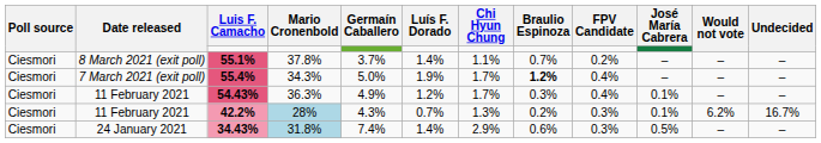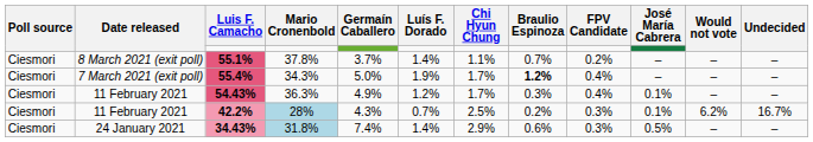 <table class="wikitable" style="text-align:center;font-size:90%;line-height:14px;">
 <tr>
 <th rowspan="2">Poll source</th>
 <th rowspan="2">Date released</th>
 <th style="width:60px"><a href='#'>Luis F.<br>Camacho</a></th>
 <th style="width:60px">Mario Cronenbold</th>
 <th style="width:60px">Germaín Caballero</th>
 <th style="width:60px">Luís F. Dorado</th>
 <th style="width:60px"><a href='#'>Chi Hyun<br>Chung</a></th>
 <th style="width:60px">Braulio Espinoza</th>
 <th style="width:60px">FPV Candidate</th>
 <th style="width:60px">José María Cabrera</th>
 <th rowspan="2" style="width:60px">Would not vote</th>
 <th rowspan="2" style="width:60px">Undecided</th>
 </tr>
 <tr>
 <td style="background:"></td>
 <td style="background:"></td>
 <td style="background:#68AE31"></td>
 <td style="background:"></td>
 <td style="background:"></td>
 <td style="background:"></td>
 <td style="background:"></td>
 <td style="background:#147C41"></td>
 </tr>
 <tr>
 <td style="text-align:left;">Ciesmori</td>
 <td><em>8 March 2021 (exit poll)</em></td>
 <td style="background:#E5577D"><strong>55.1%</strong></td>
 <td>37.8%</td>
 <td>3.7%</td>
 <td>1.4%</td>
 <td>1.1%</td>
 <td>0.7%</td>
 <td>0.2%</td>
 <td>–</td>
 <td>–</td>
 <td>–</td>
 </tr>
 <tr>
 <td style="text-align:left;">Ciesmori</td>
 <td><em>7 March 2021 (exit poll)</em></td>
 <td style="background:#E5577D"><strong>55.4%</strong></td>
 <td>34.3%</td>
 <td>5.0%</td>
 <td>1.9%</td>
 <td>1.7%</td>
 <td><strong>1.2%</strong></td>
 <td>0.4%</td>
 <td>–</td>
 <td>–</td>
 <td>–</td>
 </tr>
 <tr>
 <td style="text-align:left;">Ciesmori</td>
 <td>11 February 2021</td>
 <td style="background:#E5577D"><strong>54.43%</strong></td>
 <td>36.3%</td>
 <td>4.9%</td>
 <td>1.2%</td>
 <td>1.7%</td>
 <td>0.3%</td>
 <td>0.4%</td>
 <td>0.1%</td>
 <td>–</td>
 <td>–</td>
 </tr>
 <tr>
 <td style="text-align:left;">Ciesmori</td>
 <td>11 February 2021</td>
 <td style="background:#f49ab2"><strong>42.2%</strong></td>
 <td style="background:lightblue">28%</td>
 <td>4.3%</td>
 <td>0.7%</td>
-<td>1.3%</td>
+<td>2.5%</td>
 <td>0.2%</td>
 <td>0.3%</td>
 <td>0.1%</td>
 <td>6.2%</td>
 <td>16.7%</td>
 </tr>
 <tr>
 <td style="text-align:left;">Ciesmori</td>
 <td>24 January 2021</td>
 <td style="background:#f49ab2"><strong>34.43%</strong></td>
 <td style="background:lightblue">31.8%</td>
 <td>7.4%</td>
 <td>1.4%</td>
 <td>2.9%</td>
 <td>0.6%</td>
 <td>0.3%</td>
 <td>0.5%</td>
 <td>–</td>
 <td>–</td>
 </tr>
 </table>
